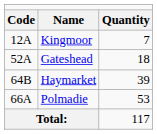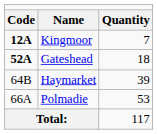 <table class="wikitable floatright">
 <tr>
 <td colspan=3></td>
 </tr>
 <tr>
 <th>Code</th>
 <th>Name</th>
 <th>Quantity</th>
 </tr>
 <tr>
-<td style="text-align:center">12A</td>
+<td style="text-align:center"><strong>12A</strong></td>
 <td><a href='#'>Kingmoor</a></td>
 <td style="text-align:right">7</td>
 </tr>
 <tr>
-<td style="text-align:center">52A</td>
+<td style="text-align:center"><strong>52A</strong></td>
 <td><a href='#'>Gateshead</a></td>
 <td style="text-align:right">18</td>
 </tr>
 <tr>
 <td style="text-align:center">64B</td>
 <td><a href='#'>Haymarket</a></td>
 <td style="text-align:right">39</td>
 </tr>
 <tr>
 <td style="text-align:center">66A</td>
 <td><a href='#'>Polmadie</a></td>
 <td style="text-align:right">53</td>
 </tr>
 <tr>
 <th colspan=2 scope=row>Total:</th>
 <td style="text-align:right">117</td>
 </tr>
 </table>
